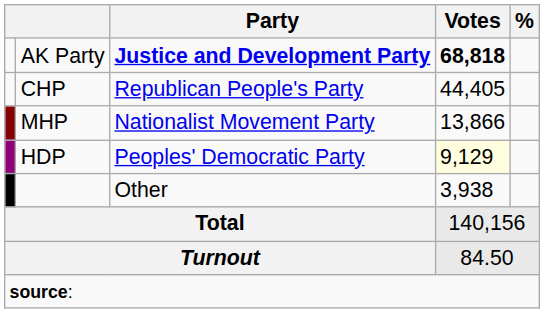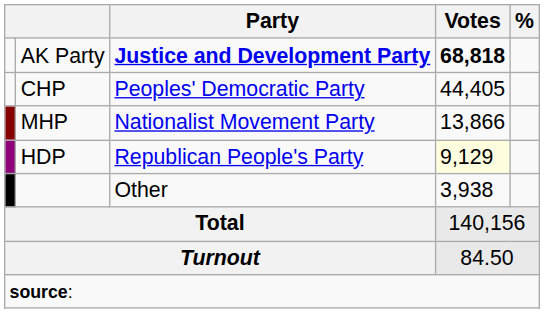 <table class="wikitable">
 <tr>
 <th colspan="2" align="center"></th>
 <th align="center">Party</th>
 <th align="center">Votes</th>
 <th align="center">%</th>
 </tr>
 <tr align="left">
 <td></td>
 <td>AK Party</td>
 <td><strong><a href='#'>Justice and Development Party</a></strong></td>
 <td><strong>68,818</strong></td>
 <td><strong></strong></td>
 </tr>
 <tr align="left">
 <td></td>
 <td>CHP</td>
-<td><a href='#'>Republican People's Party</a></td>
+<td><a href='#'>Peoples' Democratic Party</a></td>
 <td>44,405</td>
 <td></td>
 </tr>
 <tr align="left">
 <td bgcolor="#870000" width="1"></td>
 <td>MHP</td>
 <td><a href='#'>Nationalist Movement Party</a></td>
 <td>13,866</td>
 <td></td>
 </tr>
 <tr align="left">
 <td bgcolor="#91007B" width="1"></td>
 <td>HDP</td>
-<td><a href='#'>Peoples' Democratic Party</a></td>
+<td><a href='#'>Republican People's Party</a></td>
 <td style="background: lightyellow;">9,129</td>
 <td></td>
 </tr>
 <tr align="left">
 <td bgcolor=" " width="1"></td>
 <td></td>
 <td>Other</td>
 <td>3,938</td>
 <td></td>
 </tr>
 <tr align="left" style="background-color:#E9E9E9">
 <th colspan="3" align="center"><strong>Total</strong></th>
 <td colspan="5" align="center">140,156</td>
 </tr>
 <tr align="left" style="background-color:#E9E9E9">
 <th colspan="3" align="center"><em>Turnout</em></th>
 <td colspan="5" align="center">84.50</td>
 </tr>
 <tr>
 <td colspan="9" align="left"><small><strong>source</strong>: </small></td>
 </tr>
 </table>
